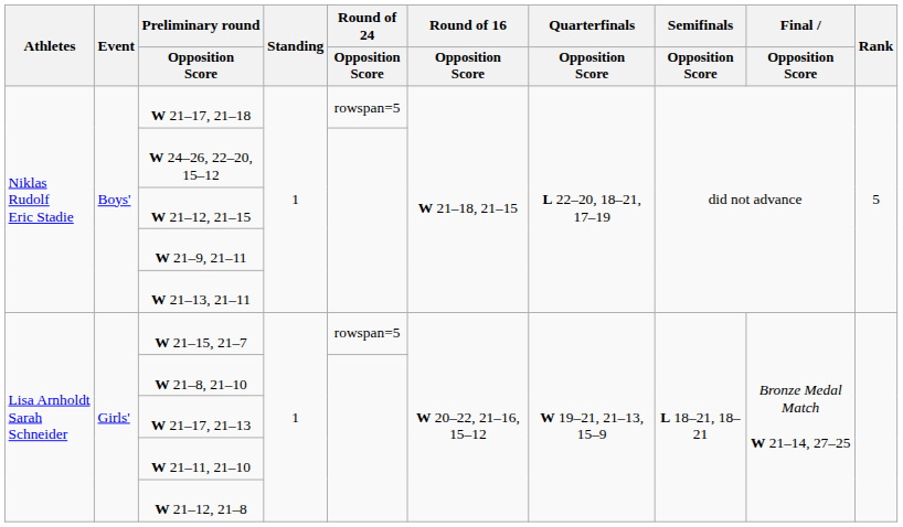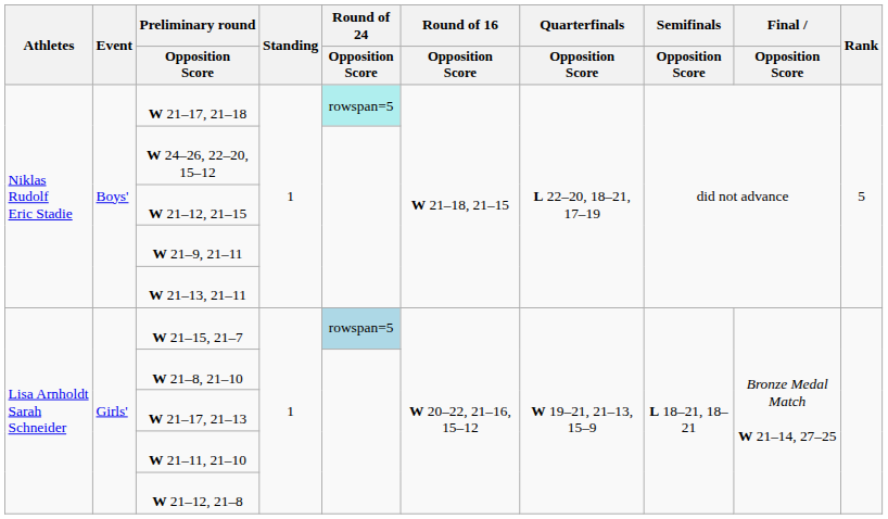 <table class=wikitable style="font-size:90%">
 <tr>
 <th rowspan="2">Athletes</th>
 <th rowspan="2">Event</th>
 <th>Preliminary round</th>
 <th rowspan="2">Standing</th>
 <th>Round of 24</th>
 <th>Round of 16</th>
 <th>Quarterfinals</th>
 <th>Semifinals</th>
 <th>Final / </th>
 <th rowspan=2>Rank</th>
 </tr>
 <tr style="font-size:95%">
 <th>Opposition<br>Score</th>
 <th>Opposition<br>Score</th>
 <th>Opposition<br>Score</th>
 <th>Opposition<br>Score</th>
 <th>Opposition<br>Score</th>
 <th>Opposition<br>Score</th>
 </tr>
 <tr align=center>
 <td align=left rowspan=5><a href='#'>Niklas Rudolf</a><br><a href='#'>Eric Stadie</a></td>
 <td align=left rowspan=5><a href='#'>Boys'</a></td>
 <td><br><strong>W</strong> 21–17, 21–18</td>
 <td rowspan=5>1</td>
-<td>rowspan=5 </td>
+<td style="background: paleturquoise;">rowspan=5 </td>
 <td rowspan=5><br><strong>W</strong> 21–18, 21–15</td>
 <td rowspan=5><br><strong>L</strong> 22–20, 18–21, 17–19</td>
 <td rowspan=5 colspan=2>did not advance</td>
 <td rowspan=5>5</td>
 </tr>
 <tr align=center>
 <td><br><strong>W</strong> 24–26, 22–20, 15–12</td>
 </tr>
 <tr align=center>
 <td><br><strong>W</strong> 21–12, 21–15</td>
 </tr>
 <tr align=center>
 <td><br><strong>W</strong> 21–9, 21–11</td>
 </tr>
 <tr align=center>
 <td><br><strong>W</strong> 21–13, 21–11</td>
 </tr>
 <tr align=center>
 <td align=left rowspan=5><a href='#'>Lisa Arnholdt</a><br><a href='#'>Sarah Schneider</a></td>
 <td align=left rowspan=5><a href='#'>Girls'</a></td>
 <td><br><strong>W</strong> 21–15, 21–7</td>
 <td rowspan=5>1</td>
-<td>rowspan=5 </td>
+<td style="background: lightblue;">rowspan=5 </td>
 <td rowspan=5><br><strong>W</strong> 20–22, 21–16, 15–12</td>
 <td rowspan=5><br><strong>W</strong> 19–21, 21–13, 15–9</td>
 <td rowspan=5><br><strong>L</strong> 18–21, 18–21</td>
 <td rowspan=5><em>Bronze Medal Match</em><br><br><strong>W</strong> 21–14, 27–25</td>
 <td rowspan=5></td>
 </tr>
 <tr align=center>
 <td><br><strong>W</strong> 21–8, 21–10</td>
 </tr>
 <tr align=center>
 <td><br><strong>W</strong> 21–17, 21–13</td>
 </tr>
 <tr align=center>
 <td><br><strong>W</strong> 21–11, 21–10</td>
 </tr>
 <tr align=center>
 <td><br><strong>W</strong> 21–12, 21–8</td>
 </tr>
 </table>
